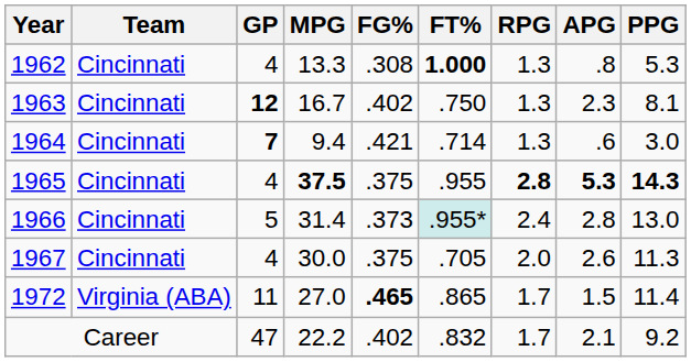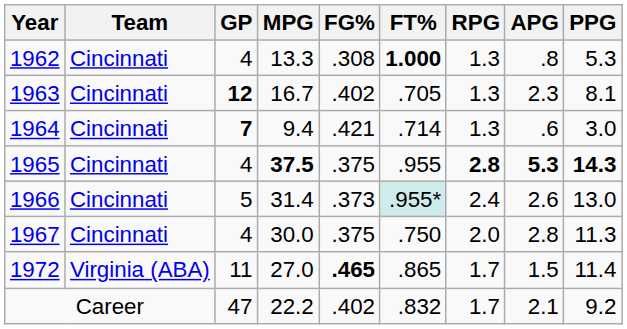 <table class="wikitable sortable" style="font-size:95%; text-align:right;">
 <tr>
 <th>Year</th>
 <th>Team</th>
 <th>GP</th>
 <th>MPG</th>
 <th>FG%</th>
 <th>FT%</th>
 <th>RPG</th>
 <th>APG</th>
 <th>PPG</th>
 </tr>
 <tr>
 <td style="text-align:left;"><a href='#'>1962</a></td>
 <td style="text-align:left;"><a href='#'>Cincinnati</a></td>
 <td>4</td>
 <td>13.3</td>
 <td>.308</td>
 <td><strong>1.000</strong></td>
 <td>1.3</td>
 <td>.8</td>
 <td>5.3</td>
 </tr>
 <tr>
 <td style="text-align:left;"><a href='#'>1963</a></td>
 <td style="text-align:left;"><a href='#'>Cincinnati</a></td>
 <td><strong>12</strong></td>
 <td>16.7</td>
 <td>.402</td>
-<td>.750</td>
+<td>.705</td>
 <td>1.3</td>
 <td>2.3</td>
 <td>8.1</td>
 </tr>
 <tr>
 <td style="text-align:left;"><a href='#'>1964</a></td>
 <td style="text-align:left;"><a href='#'>Cincinnati</a></td>
 <td><strong>7</strong></td>
 <td>9.4</td>
 <td>.421</td>
 <td>.714</td>
 <td>1.3</td>
 <td>.6</td>
 <td>3.0</td>
 </tr>
 <tr>
 <td style="text-align:left;"><a href='#'>1965</a></td>
 <td style="text-align:left;"><a href='#'>Cincinnati</a></td>
 <td>4</td>
 <td><strong>37.5</strong></td>
 <td>.375</td>
 <td>.955</td>
 <td><strong>2.8</strong></td>
 <td><strong>5.3</strong></td>
 <td><strong>14.3</strong></td>
 </tr>
 <tr>
 <td style="text-align:left;"><a href='#'>1966</a></td>
 <td style="text-align:left;"><a href='#'>Cincinnati</a></td>
 <td>5</td>
 <td>31.4</td>
 <td>.373</td>
 <td style="background:#cfecec;">.955*</td>
 <td>2.4</td>
-<td>2.8</td>
+<td>2.6</td>
 <td>13.0</td>
 </tr>
 <tr>
 <td style="text-align:left;"><a href='#'>1967</a></td>
 <td style="text-align:left;"><a href='#'>Cincinnati</a></td>
 <td>4</td>
 <td>30.0</td>
 <td>.375</td>
-<td>.705</td>
+<td>.750</td>
 <td>2.0</td>
-<td>2.6</td>
+<td>2.8</td>
 <td>11.3</td>
 </tr>
 <tr>
 <td style="text-align:left;"><a href='#'>1972</a></td>
 <td style="text-align:left;"><a href='#'>Virginia (ABA)</a></td>
 <td>11</td>
 <td>27.0</td>
 <td><strong>.465</strong></td>
 <td>.865</td>
 <td>1.7</td>
 <td>1.5</td>
 <td>11.4</td>
 </tr>
 <tr class="sortbottom">
 <td colspan="2" style="text-align:center;">Career</td>
 <td>47</td>
 <td>22.2</td>
 <td>.402</td>
 <td>.832</td>
 <td>1.7</td>
 <td>2.1</td>
 <td>9.2</td>
 </tr>
 </table>
